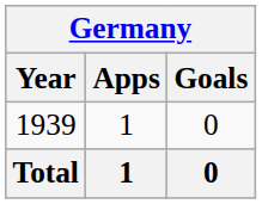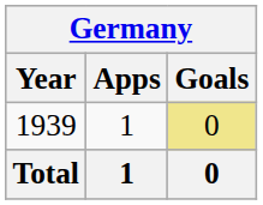 <table class="wikitable" style="text-align:center">
 <tr>
 <th colspan=3><a href='#'>Germany</a></th>
 </tr>
 <tr>
 <th>Year</th>
 <th>Apps</th>
 <th>Goals</th>
 </tr>
 <tr>
 <td>1939</td>
 <td>1</td>
-<td>0</td>
+<td style="background: khaki;">0</td>
 </tr>
 <tr>
 <th>Total</th>
 <th>1</th>
 <th>0</th>
 </tr>
 </table>
